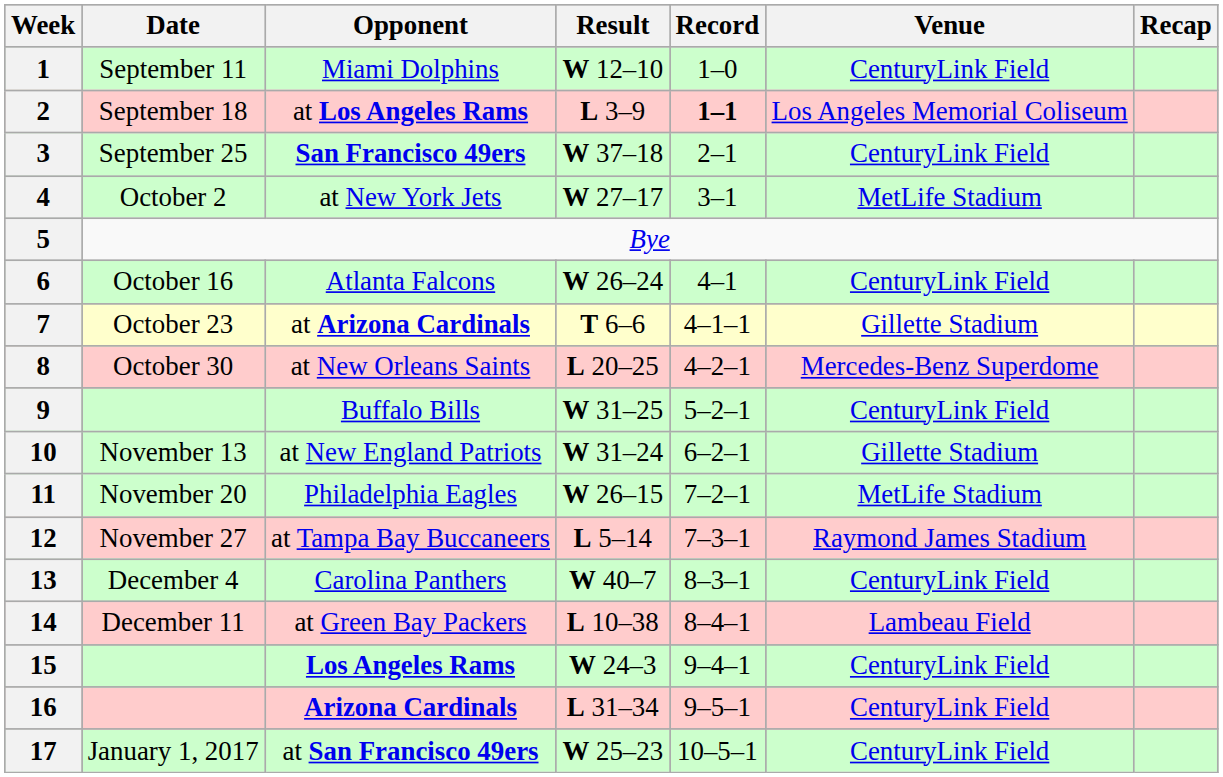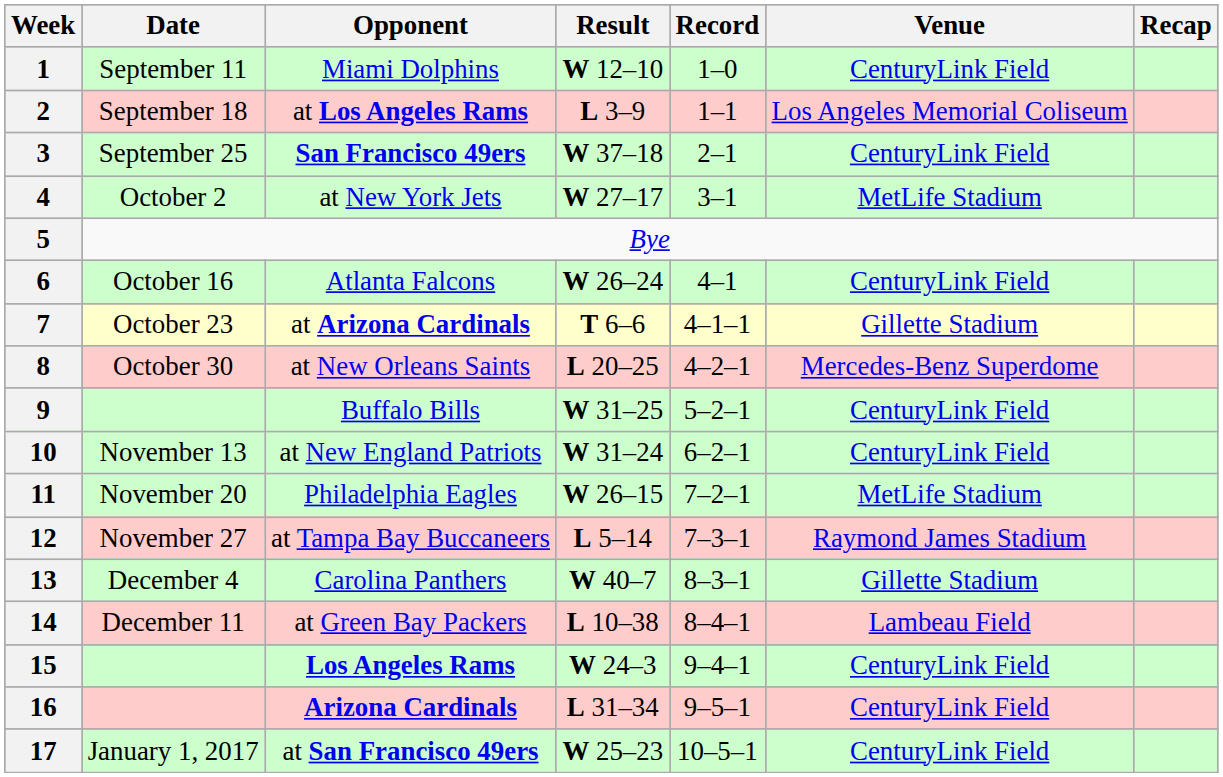 <table class="wikitable" style="text-align:center">
 <tr>
 <th>Week</th>
 <th>Date</th>
 <th>Opponent</th>
 <th>Result</th>
 <th>Record</th>
 <th>Venue</th>
 <th>Recap</th>
 </tr>
 <tr style="background:#cfc">
 <th>1</th>
 <td>September 11</td>
 <td><a href='#'>Miami Dolphins</a></td>
 <td><strong>W</strong> 12–10</td>
 <td>1–0</td>
 <td><a href='#'>CenturyLink Field</a></td>
 <td></td>
 </tr>
 <tr style="background:#fcc">
 <th>2</th>
 <td>September 18</td>
 <td>at <strong><a href='#'>Los Angeles Rams</a></strong></td>
 <td><strong>L</strong> 3–9</td>
-<td><strong>1–1</strong></td>
+<td>1–1</td>
 <td><a href='#'>Los Angeles Memorial Coliseum</a></td>
 <td></td>
 </tr>
 <tr style="background:#cfc">
 <th>3</th>
 <td>September 25</td>
 <td><strong><a href='#'>San Francisco 49ers</a></strong></td>
 <td><strong>W</strong> 37–18</td>
 <td>2–1</td>
 <td><a href='#'>CenturyLink Field</a></td>
 <td></td>
 </tr>
 <tr style="background:#cfc">
 <th>4</th>
 <td>October 2</td>
 <td>at <a href='#'>New York Jets</a></td>
 <td><strong>W</strong> 27–17</td>
 <td>3–1</td>
 <td><a href='#'>MetLife Stadium</a></td>
 <td></td>
 </tr>
 <tr>
 <th>5</th>
 <td colspan="6"><em><a href='#'>Bye</a></em></td>
 </tr>
 <tr style="background:#cfc">
 <th>6</th>
 <td>October 16</td>
 <td><a href='#'>Atlanta Falcons</a></td>
 <td><strong>W</strong> 26–24</td>
 <td>4–1</td>
 <td><a href='#'>CenturyLink Field</a></td>
 <td></td>
 </tr>
 <tr style="background:#ffc">
 <th>7</th>
 <td>October 23</td>
 <td>at <strong><a href='#'>Arizona Cardinals</a></strong></td>
 <td><strong>T</strong> 6–6 </td>
 <td>4–1–1</td>
 <td><a href='#'>Gillette Stadium</a></td>
 <td></td>
 </tr>
 <tr style="background:#fcc">
 <th>8</th>
 <td>October 30</td>
 <td>at <a href='#'>New Orleans Saints</a></td>
 <td><strong>L</strong> 20–25</td>
 <td>4–2–1</td>
 <td><a href='#'>Mercedes-Benz Superdome</a></td>
 <td></td>
 </tr>
 <tr style="background:#cfc">
 <th>9</th>
 <td></td>
 <td><a href='#'>Buffalo Bills</a></td>
 <td><strong>W</strong> 31–25</td>
 <td>5–2–1</td>
 <td><a href='#'>CenturyLink Field</a></td>
 <td></td>
 </tr>
 <tr style="background:#cfc">
 <th>10</th>
 <td>November 13</td>
 <td>at <a href='#'>New England Patriots</a></td>
 <td><strong>W</strong> 31–24</td>
 <td>6–2–1</td>
-<td><a href='#'>Gillette Stadium</a></td>
+<td><a href='#'>CenturyLink Field</a></td>
 <td></td>
 </tr>
 <tr style="background:#cfc">
 <th>11</th>
 <td>November 20</td>
 <td><a href='#'>Philadelphia Eagles</a></td>
 <td><strong>W</strong> 26–15</td>
 <td>7–2–1</td>
 <td><a href='#'>MetLife Stadium</a></td>
 <td></td>
 </tr>
 <tr style="background:#fcc">
 <th>12</th>
 <td>November 27</td>
 <td>at <a href='#'>Tampa Bay Buccaneers</a></td>
 <td><strong>L</strong> 5–14</td>
 <td>7–3–1</td>
 <td><a href='#'>Raymond James Stadium</a></td>
 <td></td>
 </tr>
 <tr style="background:#cfc">
 <th>13</th>
 <td>December 4</td>
 <td><a href='#'>Carolina Panthers</a></td>
 <td><strong>W</strong> 40–7</td>
 <td>8–3–1</td>
-<td><a href='#'>CenturyLink Field</a></td>
+<td><a href='#'>Gillette Stadium</a></td>
 <td></td>
 </tr>
 <tr style="background:#fcc">
 <th>14</th>
 <td>December 11</td>
 <td>at <a href='#'>Green Bay Packers</a></td>
 <td><strong>L</strong> 10–38</td>
 <td>8–4–1</td>
 <td><a href='#'>Lambeau Field</a></td>
 <td></td>
 </tr>
 <tr style="background:#cfc">
 <th>15</th>
 <td></td>
 <td><strong><a href='#'>Los Angeles Rams</a></strong></td>
 <td><strong>W</strong> 24–3</td>
 <td>9–4–1</td>
 <td><a href='#'>CenturyLink Field</a></td>
 <td></td>
 </tr>
 <tr style="background:#fcc">
 <th>16</th>
 <td></td>
 <td><strong><a href='#'>Arizona Cardinals</a></strong></td>
 <td><strong>L</strong> 31–34</td>
 <td>9–5–1</td>
 <td><a href='#'>CenturyLink Field</a></td>
 <td></td>
 </tr>
 <tr style="background:#cfc">
 <th>17</th>
 <td>January 1, 2017</td>
 <td>at <strong><a href='#'>San Francisco 49ers</a></strong></td>
 <td><strong>W</strong> 25–23</td>
 <td>10–5–1</td>
 <td><a href='#'>CenturyLink Field</a></td>
 <td></td>
 </tr>
 </table>
